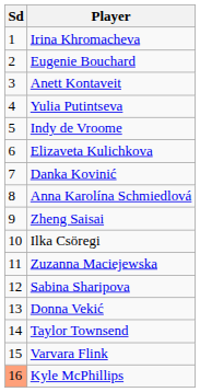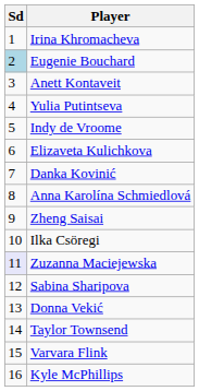 <table class="wikitable sortable">
 <tr>
 <th>Sd</th>
 <th>Player</th>
 </tr>
 <tr align=left>
 <td>1</td>
 <td> <a href='#'>Irina Khromacheva</a></td>
 </tr>
 <tr>
-<td>2</td>
+<td style="background: lightblue;">2</td>
 <td> <a href='#'>Eugenie Bouchard</a></td>
 </tr>
 <tr>
 <td>3</td>
 <td> <a href='#'>Anett Kontaveit</a></td>
 </tr>
 <tr>
 <td>4</td>
 <td> <a href='#'>Yulia Putintseva</a></td>
 </tr>
 <tr>
 <td>5</td>
 <td> <a href='#'>Indy de Vroome</a></td>
 </tr>
 <tr>
 <td>6</td>
 <td> <a href='#'>Elizaveta Kulichkova</a></td>
 </tr>
 <tr>
 <td>7</td>
 <td> <a href='#'>Danka Kovinić</a></td>
 </tr>
 <tr>
 <td>8</td>
 <td> <a href='#'>Anna Karolína Schmiedlová</a></td>
 </tr>
 <tr>
 <td>9</td>
 <td> <a href='#'>Zheng Saisai</a></td>
 </tr>
 <tr>
 <td>10</td>
 <td> Ilka Csöregi</td>
 </tr>
 <tr>
-<td>11</td>
+<td style="background: lavender;">11</td>
 <td> <a href='#'>Zuzanna Maciejewska</a></td>
 </tr>
 <tr>
 <td>12</td>
 <td> <a href='#'>Sabina Sharipova</a></td>
 </tr>
 <tr>
 <td>13</td>
 <td> <a href='#'>Donna Vekić</a></td>
 </tr>
 <tr>
 <td>14</td>
 <td> <a href='#'>Taylor Townsend</a></td>
 </tr>
 <tr>
 <td>15</td>
 <td> <a href='#'>Varvara Flink</a></td>
 </tr>
 <tr>
-<td style="background: lightsalmon;">16</td>
+<td>16</td>
 <td> <a href='#'>Kyle McPhillips</a></td>
 </tr>
 </table>
